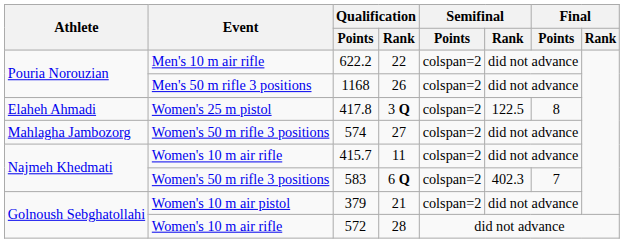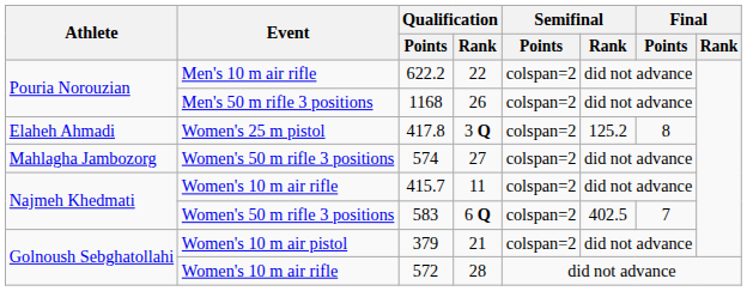 <table class="wikitable" style="font-size:90%">
 <tr>
 <th rowspan="2">Athlete</th>
 <th rowspan="2">Event</th>
 <th colspan=2>Qualification</th>
 <th colspan=2>Semifinal</th>
 <th colspan=2>Final</th>
 </tr>
 <tr style="font-size:95%">
 <th>Points</th>
 <th>Rank</th>
 <th>Points</th>
 <th>Rank</th>
 <th>Points</th>
 <th>Rank</th>
 </tr>
 <tr align=center>
 <td align=left rowspan=2><a href='#'>Pouria Norouzian</a></td>
 <td align=left><a href='#'>Men's 10 m air rifle</a></td>
 <td>622.2</td>
 <td>22</td>
 <td>colspan=2 </td>
 <td colspan=2>did not advance</td>
 </tr>
 <tr align=center>
 <td align=left><a href='#'>Men's 50 m rifle 3 positions</a></td>
 <td>1168</td>
 <td>26</td>
 <td>colspan=2 </td>
 <td colspan=2>did not advance</td>
 </tr>
 <tr align=center>
 <td align=left><a href='#'>Elaheh Ahmadi</a></td>
 <td align=left><a href='#'>Women's 25 m pistol</a></td>
 <td>417.8</td>
 <td>3 <strong>Q</strong></td>
 <td>colspan=2 </td>
-<td>122.5</td>
+<td>125.2</td>
 <td>8</td>
 </tr>
 <tr align=center>
 <td align=left><a href='#'>Mahlagha Jambozorg</a></td>
 <td align=left><a href='#'>Women's 50 m rifle 3 positions</a></td>
 <td>574</td>
 <td>27</td>
 <td>colspan=2 </td>
 <td colspan=2>did not advance</td>
 </tr>
 <tr align=center>
 <td align=left rowspan=2><a href='#'>Najmeh Khedmati</a></td>
 <td align=left><a href='#'>Women's 10 m air rifle</a></td>
 <td>415.7</td>
 <td>11</td>
 <td>colspan=2 </td>
 <td colspan=2>did not advance</td>
 </tr>
 <tr align=center>
 <td align=left><a href='#'>Women's 50 m rifle 3 positions</a></td>
 <td>583</td>
 <td>6 <strong>Q</strong></td>
 <td>colspan=2 </td>
-<td>402.3</td>
+<td>402.5</td>
 <td>7</td>
 </tr>
 <tr align=center>
 <td align=left rowspan=2><a href='#'>Golnoush Sebghatollahi</a></td>
 <td align=left><a href='#'>Women's 10 m air pistol</a></td>
 <td>379</td>
 <td>21</td>
 <td>colspan=2 </td>
 <td colspan=2>did not advance</td>
 </tr>
 <tr align=center>
 <td align=left><a href='#'>Women's 10 m air rifle</a></td>
 <td>572</td>
 <td>28</td>
 <td colspan=4>did not advance</td>
 </tr>
 </table>
